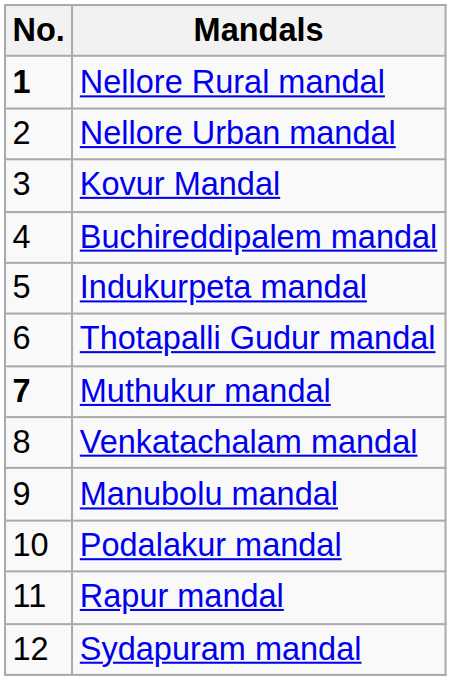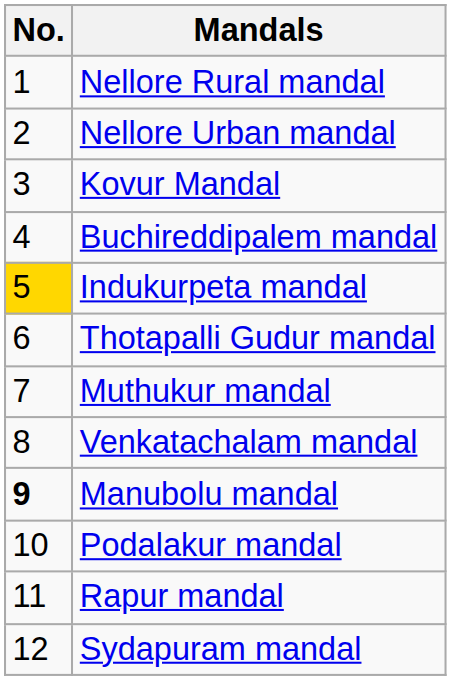 <table class="wikitable">
 <tr>
 <th>No.</th>
 <th>Mandals</th>
 </tr>
 <tr>
-<td><strong>1</strong></td>
+<td>1</td>
 <td><a href='#'>Nellore Rural mandal</a></td>
 </tr>
 <tr>
 <td>2</td>
 <td><a href='#'>Nellore Urban mandal</a></td>
 </tr>
 <tr>
 <td>3</td>
 <td><a href='#'>Kovur Mandal</a></td>
 </tr>
 <tr>
 <td>4</td>
 <td><a href='#'>Buchireddipalem mandal</a></td>
 </tr>
 <tr>
-<td>5</td>
+<td style="background: gold;">5</td>
 <td><a href='#'>Indukurpeta mandal</a></td>
 </tr>
 <tr>
 <td>6</td>
 <td><a href='#'>Thotapalli Gudur mandal</a></td>
 </tr>
 <tr>
-<td><strong>7</strong></td>
+<td>7</td>
 <td><a href='#'>Muthukur mandal</a></td>
 </tr>
 <tr>
 <td>8</td>
 <td><a href='#'>Venkatachalam mandal</a></td>
 </tr>
 <tr>
-<td>9</td>
+<td><strong>9</strong></td>
 <td><a href='#'>Manubolu mandal</a></td>
 </tr>
 <tr>
 <td>10</td>
 <td><a href='#'>Podalakur mandal</a></td>
 </tr>
 <tr>
 <td>11</td>
 <td><a href='#'>Rapur mandal</a></td>
 </tr>
 <tr>
 <td>12</td>
 <td><a href='#'>Sydapuram mandal</a></td>
 </tr>
 </table>
